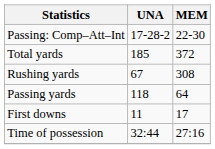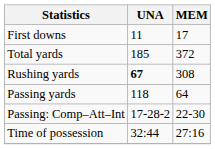 <table class="wikitable" style="float: left;">
 <tr>
 <th>Statistics</th>
 <th>UNA</th>
 <th>MEM</th>
 </tr>
 <tr>
-<td>Passing: Comp–Att–Int</td>
-<td>17-28-2</td>
-<td>22-30</td>
+<td>First downs</td>
+<td>11</td>
+<td>17</td>
 </tr>
 <tr>
 <td>Total yards</td>
 <td>185</td>
 <td>372</td>
 </tr>
 <tr>
 <td>Rushing yards</td>
-<td>67</td>
+<td><strong>67</strong></td>
 <td>308</td>
 </tr>
 <tr>
 <td>Passing yards</td>
 <td>118</td>
 <td>64</td>
 </tr>
 <tr>
-<td>First downs</td>
-<td>11</td>
-<td>17</td>
+<td>Passing: Comp–Att–Int</td>
+<td>17-28-2</td>
+<td>22-30</td>
 </tr>
 <tr>
 <td>Time of possession</td>
 <td>32:44</td>
 <td>27:16</td>
 </tr>
 <tr>
 </tr>
 </table>
